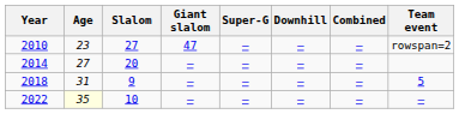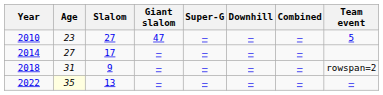 <table class=wikitable style="text-align:center">
 <tr>
 <th>  Year  </th>
 <th> Age </th>
 <th> Slalom </th>
 <th> Giant <br> slalom </th>
 <th>Super-G</th>
 <th>Downhill</th>
 <th>Combined</th>
 <th>Team<br> event </th>
 </tr>
 <tr>
 <td><a href='#'>2010</a></td>
 <td><em>23</em></td>
 <td><a href='#'>27</a></td>
 <td><a href='#'>47</a></td>
 <td><a href='#'>—</a></td>
 <td><a href='#'>—</a></td>
 <td><a href='#'>—</a></td>
-<td>rowspan=2</td>
+<td><a href='#'>5</a></td>
 </tr>
 <tr>
 <td><a href='#'>2014</a></td>
 <td><em>27</em></td>
-<td><a href='#'>20</a></td>
+<td><a href='#'>17</a></td>
 <td><a href='#'>—</a></td>
 <td><a href='#'>—</a></td>
 <td><a href='#'>—</a></td>
 <td><a href='#'>—</a></td>
 </tr>
 <tr>
 <td><a href='#'>2018</a></td>
 <td><em>31</em></td>
 <td><a href='#'>9</a></td>
 <td><a href='#'>—</a></td>
 <td><a href='#'>—</a></td>
 <td><a href='#'>—</a></td>
 <td><a href='#'>—</a></td>
-<td><a href='#'>5</a></td>
+<td>rowspan=2</td>
 </tr>
 <tr>
 <td><a href='#'>2022</a></td>
 <td style="background: lightyellow;"><em>35</em></td>
-<td><a href='#'>10</a></td>
+<td><a href='#'>13</a></td>
 <td><a href='#'>—</a></td>
 <td><a href='#'>—</a></td>
 <td><a href='#'>—</a></td>
 <td><a href='#'>—</a></td>
 <td><a href='#'>—</a></td>
 </tr>
 </table>
